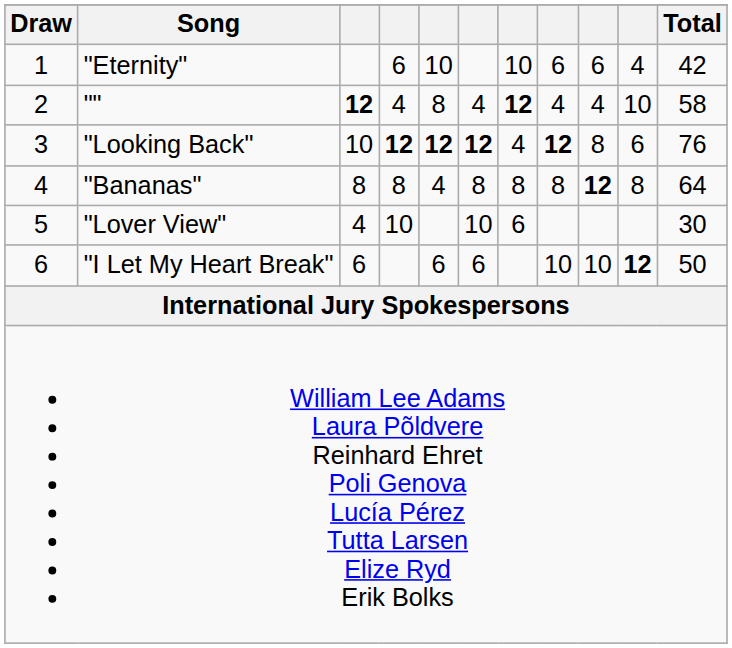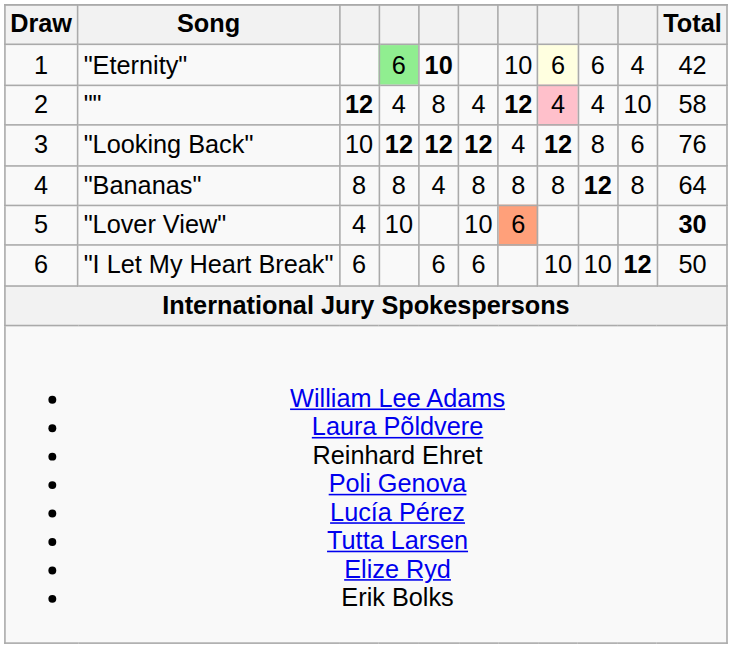 <table class="wikitable" style="margin: 1em auto 1em auto; text-align:center;">
 <tr>
 </tr>
 <tr>
 <th>Draw</th>
 <th>Song</th>
 <th><br></th>
 <th><br></th>
 <th><br></th>
 <th><br></th>
 <th><br></th>
 <th><br></th>
 <th><br></th>
 <th><br></th>
 <th>Total</th>
 </tr>
 <tr>
 <td>1</td>
 <td align="left">"Eternity"</td>
 <td></td>
-<td>6</td>
-<td>10</td>
+<td style="background: lightgreen;">6</td>
+<td><strong>10</strong></td>
 <td></td>
 <td>10</td>
-<td>6</td>
+<td style="background: lightyellow;">6</td>
 <td>6</td>
 <td>4</td>
 <td>42</td>
 </tr>
 <tr>
 <td>2</td>
 <td align="left">""</td>
 <td><strong>12</strong></td>
 <td>4</td>
 <td>8</td>
 <td>4</td>
 <td><strong>12</strong></td>
-<td>4</td>
+<td style="background: pink;">4</td>
 <td>4</td>
 <td>10</td>
 <td>58</td>
 </tr>
 <tr>
 <td>3</td>
 <td align="left">"Looking Back"</td>
 <td>10</td>
 <td><strong>12</strong></td>
 <td><strong>12</strong></td>
 <td><strong>12</strong></td>
 <td>4</td>
 <td><strong>12</strong></td>
 <td>8</td>
 <td>6</td>
 <td>76</td>
 </tr>
 <tr>
 <td>4</td>
 <td align="left">"Bananas"</td>
 <td>8</td>
 <td>8</td>
 <td>4</td>
 <td>8</td>
 <td>8</td>
 <td>8</td>
 <td><strong>12</strong></td>
 <td>8</td>
 <td>64</td>
 </tr>
 <tr>
 <td>5</td>
 <td align="left">"Lover View"</td>
 <td>4</td>
 <td>10</td>
 <td></td>
 <td>10</td>
-<td>6</td>
+<td style="background: lightsalmon;">6</td>
 <td></td>
 <td></td>
 <td></td>
-<td>30</td>
+<td><strong>30</strong></td>
 </tr>
 <tr>
 <td>6</td>
 <td align="left">"I Let My Heart Break"</td>
 <td>6</td>
 <td></td>
 <td>6</td>
 <td>6</td>
 <td></td>
 <td>10</td>
 <td>10</td>
 <td><strong>12</strong></td>
 <td>50</td>
 </tr>
 <tr>
 <th colspan="11">International Jury Spokespersons</th>
 </tr>
 <tr>
 <td colspan="11"><br><ul><li> <a href='#'>William Lee Adams</a></li><li> <a href='#'>Laura Põldvere</a></li><li> Reinhard Ehret</li><li> <a href='#'>Poli Genova</a></li><li> <a href='#'>Lucía Pérez</a></li><li> <a href='#'>Tutta Larsen</a></li><li> <a href='#'>Elize Ryd</a></li><li> Erik Bolks</li></ul></td>
 </tr>
 </table>
